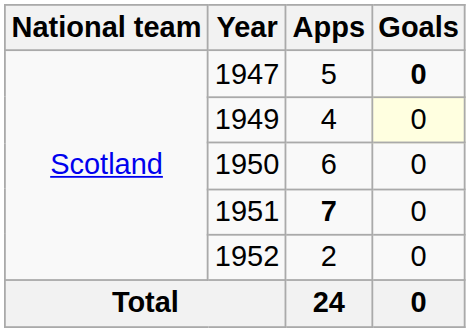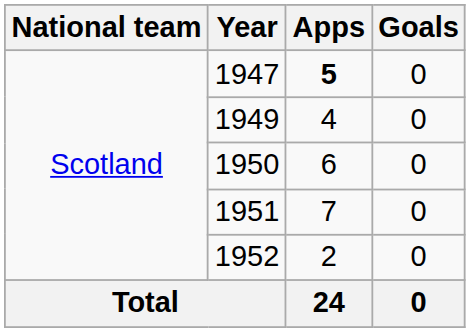 <table class="wikitable" style="font-size:100%; text-align: center">
 <tr>
 <th>National team</th>
 <th>Year</th>
 <th>Apps</th>
 <th>Goals</th>
 </tr>
 <tr>
 <td rowspan="5"><a href='#'>Scotland</a></td>
 <td>1947</td>
-<td>5</td>
-<td><strong>0</strong></td>
+<td><strong>5</strong></td>
+<td>0</td>
 </tr>
 <tr>
 <td>1949</td>
 <td>4</td>
-<td style="background: lightyellow;">0</td>
+<td>0</td>
 </tr>
 <tr>
 <td>1950</td>
 <td>6</td>
 <td>0</td>
 </tr>
 <tr>
 <td>1951</td>
-<td><strong>7</strong></td>
+<td>7</td>
 <td>0</td>
 </tr>
 <tr>
 <td>1952</td>
 <td>2</td>
 <td>0</td>
 </tr>
 <tr>
 <th colspan=2>Total</th>
 <th>24</th>
 <th>0</th>
 </tr>
 </table>
